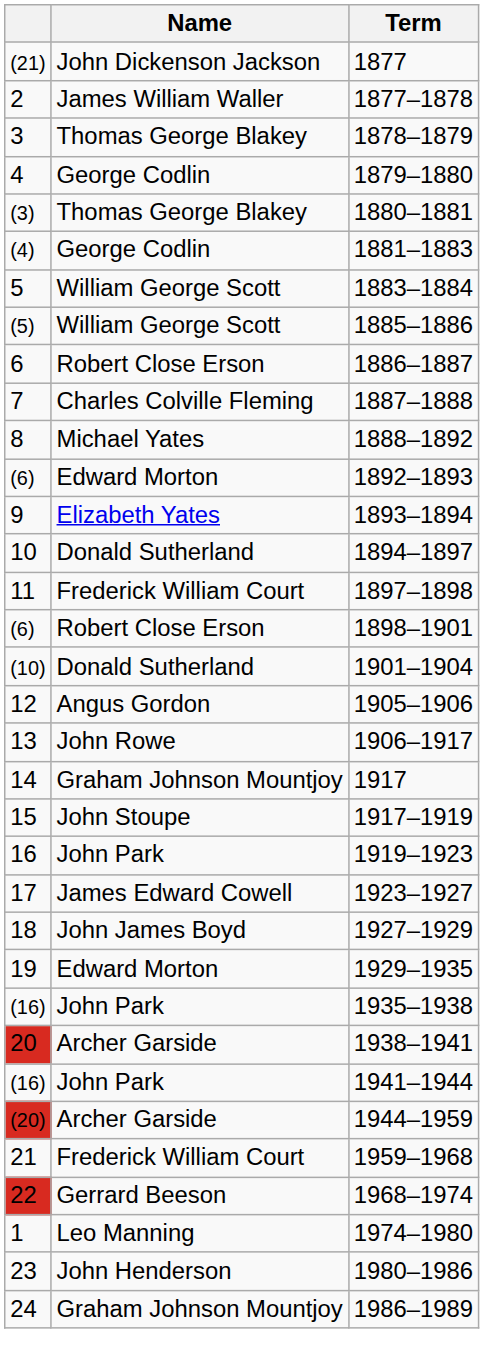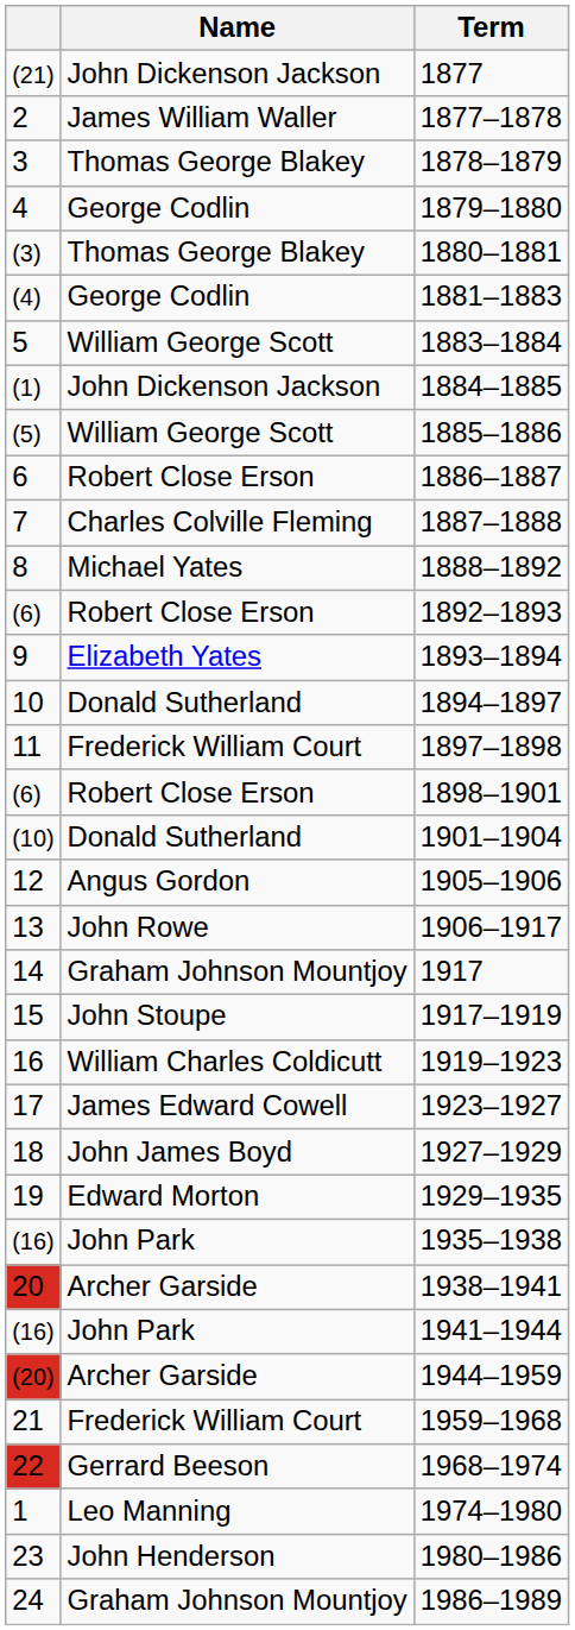 <table class="wikitable">
 <tr>
 <th></th>
 <th>Name</th>
 <th>Term</th>
 </tr>
 <tr>
 <td><small>(21)</small></td>
 <td>John Dickenson Jackson</td>
 <td>1877</td>
 </tr>
 <tr>
 <td>2</td>
 <td>James William Waller</td>
 <td>1877–1878</td>
 </tr>
 <tr>
 <td>3</td>
 <td>Thomas George Blakey</td>
 <td>1878–1879</td>
 </tr>
 <tr>
 <td>4</td>
 <td>George Codlin</td>
 <td>1879–1880</td>
 </tr>
 <tr>
 <td><small>(3)</small></td>
 <td>Thomas George Blakey</td>
 <td>1880–1881</td>
 </tr>
 <tr>
 <td><small>(4)</small></td>
 <td>George Codlin</td>
 <td>1881–1883</td>
 </tr>
 <tr>
 <td>5</td>
 <td>William George Scott</td>
 <td>1883–1884</td>
 </tr>
 <tr>
+<td><small>(1)</small></td>
+<td>John Dickenson Jackson</td>
+<td>1884–1885</td>
+</tr>
+<tr>
 <td><small>(5)</small></td>
 <td>William George Scott</td>
 <td>1885–1886</td>
 </tr>
 <tr>
 <td>6</td>
 <td>Robert Close Erson</td>
 <td>1886–1887</td>
 </tr>
 <tr>
 <td>7</td>
 <td>Charles Colville Fleming</td>
 <td>1887–1888</td>
 </tr>
 <tr>
 <td>8</td>
 <td>Michael Yates</td>
 <td>1888–1892</td>
 </tr>
 <tr>
 <td><small>(6)</small></td>
-<td>Edward Morton</td>
+<td>Robert Close Erson</td>
 <td>1892–1893</td>
 </tr>
 <tr>
 <td>9</td>
 <td><a href='#'>Elizabeth Yates</a></td>
 <td>1893–1894</td>
 </tr>
 <tr>
 <td>10</td>
 <td>Donald Sutherland</td>
 <td>1894–1897</td>
 </tr>
 <tr>
 <td>11</td>
 <td>Frederick William Court</td>
 <td>1897–1898</td>
 </tr>
 <tr>
 <td><small>(6)</small></td>
 <td>Robert Close Erson</td>
 <td>1898–1901</td>
 </tr>
 <tr>
 <td><small>(10)</small></td>
 <td>Donald Sutherland</td>
 <td>1901–1904</td>
 </tr>
 <tr>
 <td>12</td>
 <td>Angus Gordon</td>
 <td>1905–1906</td>
 </tr>
 <tr>
 <td>13</td>
 <td>John Rowe</td>
 <td>1906–1917</td>
 </tr>
 <tr>
 <td>14</td>
 <td>Graham Johnson Mountjoy</td>
 <td>1917</td>
 </tr>
 <tr>
 <td>15</td>
 <td>John Stoupe</td>
 <td>1917–1919</td>
 </tr>
 <tr>
 <td>16</td>
-<td>John Park</td>
+<td>William Charles Coldicutt</td>
 <td>1919–1923</td>
 </tr>
 <tr>
 <td>17</td>
 <td>James Edward Cowell</td>
 <td>1923–1927</td>
 </tr>
 <tr>
 <td>18</td>
 <td>John James Boyd</td>
 <td>1927–1929</td>
 </tr>
 <tr>
 <td>19</td>
 <td>Edward Morton</td>
 <td>1929–1935</td>
 </tr>
 <tr>
 <td><small>(16)</small></td>
 <td>John Park</td>
 <td>1935–1938</td>
 </tr>
 <tr>
 <td style="background: #D82A20">20</td>
 <td>Archer Garside</td>
 <td>1938–1941</td>
 </tr>
 <tr>
 <td><small>(16)</small></td>
 <td>John Park</td>
 <td>1941–1944</td>
 </tr>
 <tr>
 <td style="background: #D82A20"><small>(20)</small></td>
 <td>Archer Garside</td>
 <td>1944–1959</td>
 </tr>
 <tr>
 <td>21</td>
 <td>Frederick William Court</td>
 <td>1959–1968</td>
 </tr>
 <tr>
 <td style="background: #D82A20">22</td>
 <td>Gerrard Beeson</td>
 <td>1968–1974</td>
 </tr>
 <tr>
 <td>1</td>
 <td>Leo Manning</td>
 <td>1974–1980</td>
 </tr>
 <tr>
 <td>23</td>
 <td>John Henderson</td>
 <td>1980–1986</td>
 </tr>
 <tr>
 <td>24</td>
 <td>Graham Johnson Mountjoy</td>
 <td>1986–1989</td>
 </tr>
 </table>
